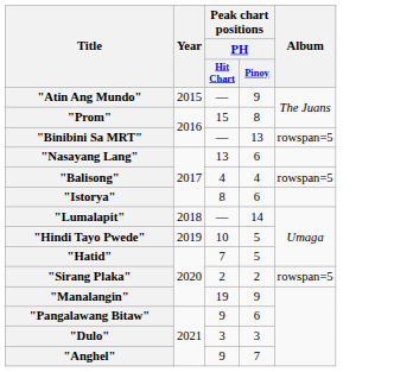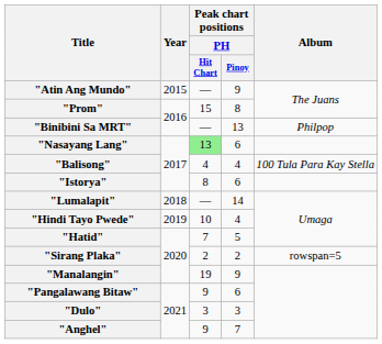 <table class="wikitable plainrowheaders" style="text-align:center;">
 <tr>
 <th scope="col" rowspan="3" style="width:13em;">Title</th>
 <th scope="col" rowspan="3">Year</th>
 <th scope="col" colspan="2">Peak chart positions</th>
 <th scope="col" rowspan="3">Album</th>
 </tr>
 <tr>
 <th colspan="2"><a href='#'>PH</a></th>
 </tr>
 <tr>
 <th scope="col" style="width:3em;font-size:80%;"><a href='#'>Hit Chart</a></th>
 <th scope="col" style="width:3em;font-size:80%;"><a href='#'>Pinoy</a></th>
 </tr>
 <tr>
 <th scope="row">"Atin Ang Mundo"</th>
 <td>2015</td>
 <td>—</td>
 <td>9</td>
 <td rowspan="2"><em>The Juans</em></td>
 </tr>
 <tr>
 <th scope="row">"Prom"</th>
 <td rowspan="2">2016</td>
 <td>15</td>
 <td>8</td>
 </tr>
 <tr>
 <th scope="row">"Binibini Sa MRT"</th>
 <td>—</td>
 <td>13</td>
-<td>rowspan=5 </td>
+<td><em>Philpop</em></td>
 </tr>
 <tr>
 <th scope="row">"Nasayang Lang"</th>
 <td rowspan="3">2017</td>
-<td>13</td>
+<td style="background: lightgreen;">13</td>
 <td>6</td>
 <td></td>
 </tr>
 <tr>
 <th scope="row">"Balisong"</th>
 <td>4</td>
 <td>4</td>
-<td>rowspan=5 </td>
+<td><em>100 Tula Para Kay Stella</em></td>
 </tr>
 <tr>
 <th scope="row">"Istorya"</th>
 <td>8</td>
 <td>6</td>
 <td></td>
 </tr>
 <tr>
 <th scope="row">"Lumalapit"</th>
 <td>2018</td>
 <td>—</td>
 <td>14</td>
 <td rowspan=3><em>Umaga</em></td>
 </tr>
 <tr>
 <th scope="row">"Hindi Tayo Pwede"</th>
 <td>2019</td>
 <td>10</td>
-<td>5</td>
+<td>4</td>
 </tr>
 <tr>
 <th scope="row">"Hatid"</th>
 <td rowspan=3>2020</td>
 <td>7</td>
 <td>5</td>
 </tr>
 <tr>
 <th scope="row">"Sirang Plaka"</th>
 <td>2</td>
 <td>2</td>
 <td>rowspan=5 </td>
 </tr>
 <tr>
 <th scope="row">"Manalangin"</th>
 <td>19</td>
 <td>9</td>
 </tr>
 <tr>
 <th scope="row">"Pangalawang Bitaw"</th>
 <td rowspan=3>2021</td>
 <td>9</td>
 <td>6</td>
 </tr>
 <tr>
 <th scope="row">"Dulo"</th>
 <td>3</td>
 <td>3</td>
 </tr>
 <tr>
 <th scope="row">"Anghel"</th>
 <td>9</td>
 <td>7</td>
 </tr>
 </table>
